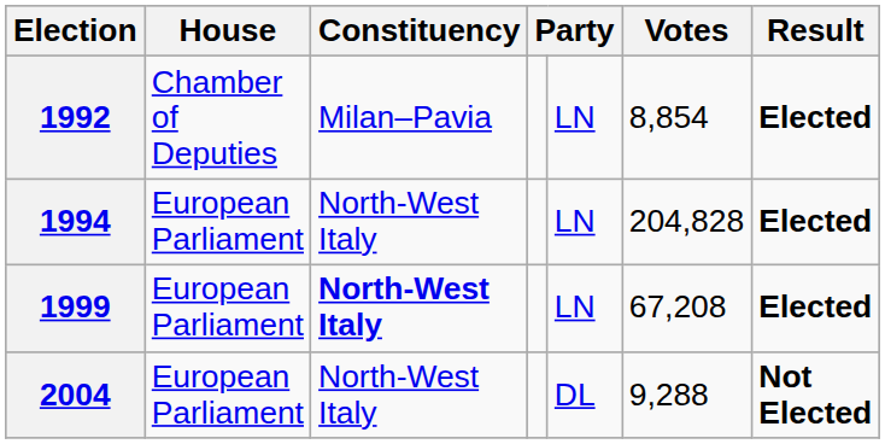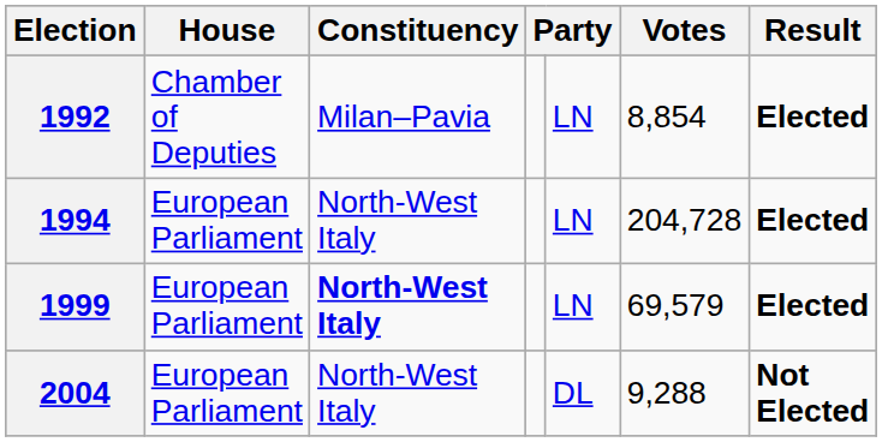 <table class=wikitable style="width:66%; border:1px #AAAAFF solid">
 <tr>
 <th width=12%>Election</th>
 <th width=23%>House</th>
 <th width=20%>Constituency</th>
 <th width=5% colspan="2">Party</th>
 <th width=12%>Votes</th>
 <th width=20%>Result</th>
 </tr>
 <tr>
 <th><a href='#'>1992</a></th>
 <td><a href='#'>Chamber of Deputies</a></td>
 <td><a href='#'>Milan–Pavia</a></td>
 <td></td>
 <td><a href='#'>LN</a></td>
 <td>8,854</td>
 <td> <strong>Elected</strong></td>
 </tr>
 <tr>
 <th><a href='#'>1994</a></th>
 <td><a href='#'>European Parliament</a></td>
 <td><a href='#'>North-West Italy</a></td>
 <td></td>
 <td><a href='#'>LN</a></td>
-<td>204,828</td>
+<td>204,728</td>
 <td> <strong>Elected</strong></td>
 </tr>
 <tr>
 <th><a href='#'>1999</a></th>
 <td><a href='#'>European Parliament</a></td>
 <td><strong><a href='#'>North-West Italy</a></strong></td>
 <td></td>
 <td><a href='#'>LN</a></td>
-<td>67,208</td>
+<td>69,579</td>
 <td> <strong>Elected</strong></td>
 </tr>
 <tr>
 <th><a href='#'>2004</a></th>
 <td><a href='#'>European Parliament</a></td>
 <td><a href='#'>North-West Italy</a></td>
 <td></td>
 <td><a href='#'>DL</a></td>
 <td>9,288</td>
 <td> <strong>Not Elected</strong></td>
 </tr>
 </table>
